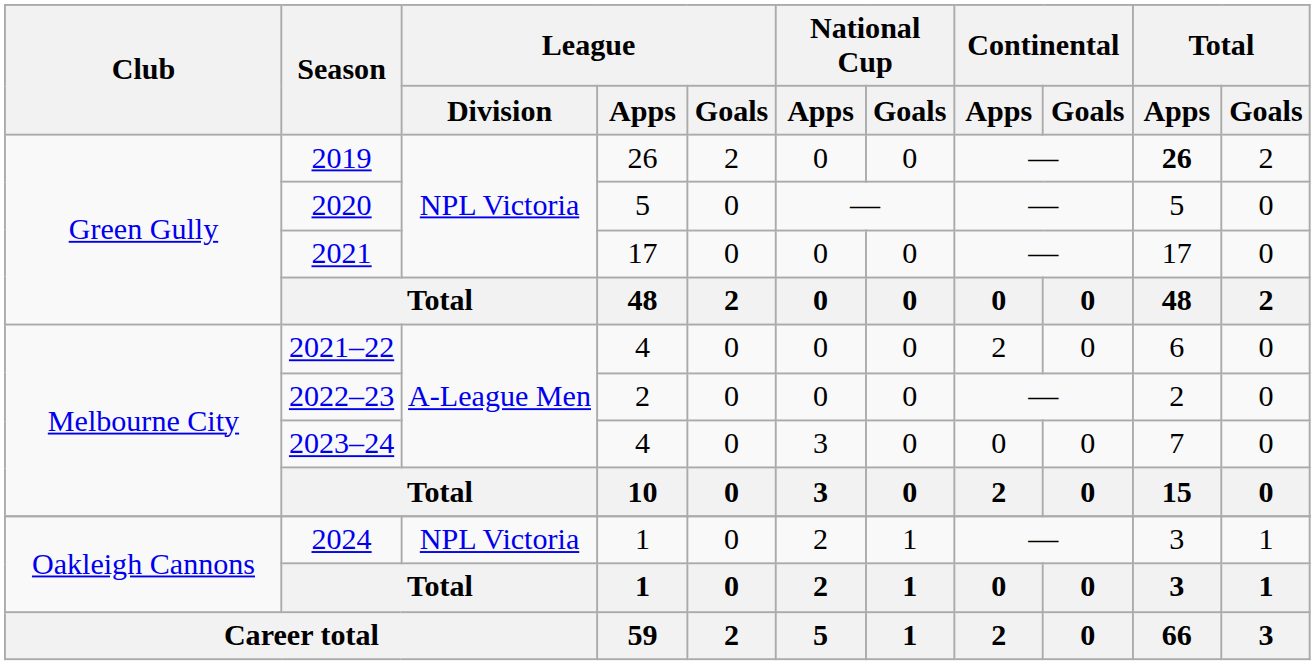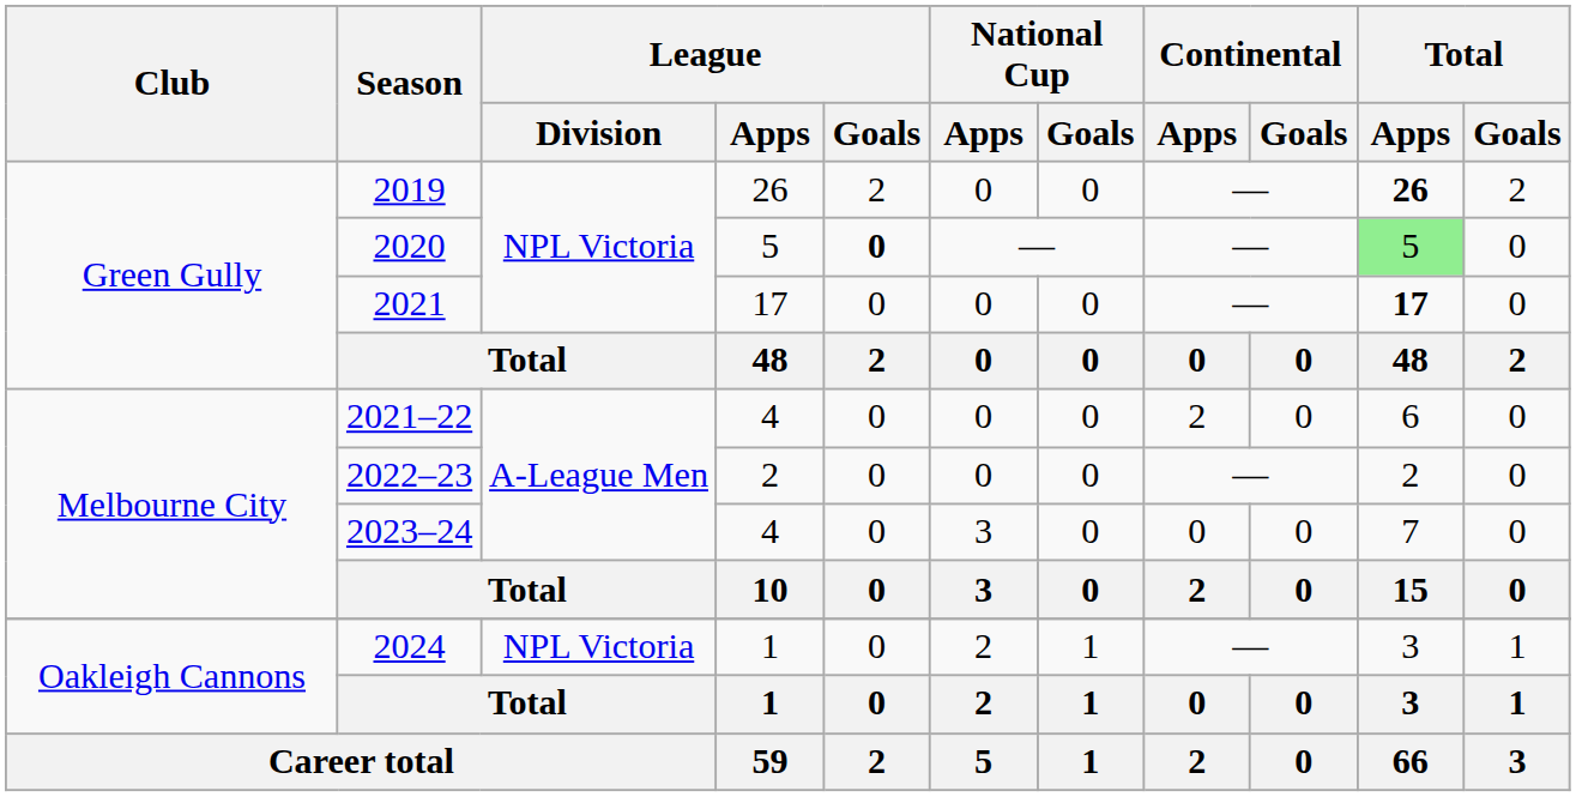 <table class="wikitable" style="text-align: center;">
 <tr>
 <th rowspan="2" width=140>Club</th>
 <th rowspan="2">Season</th>
 <th colspan="3">League</th>
 <th colspan="2">National Cup</th>
 <th colspan="2">Continental</th>
 <th colspan="2">Total</th>
 </tr>
 <tr>
 <th>Division</th>
 <th width=40>Apps</th>
 <th width=40>Goals</th>
 <th width=40>Apps</th>
 <th width=40>Goals</th>
 <th width=40>Apps</th>
 <th width=40>Goals</th>
 <th width=40>Apps</th>
 <th width=40>Goals</th>
 </tr>
 <tr>
 <td rowspan="4"><a href='#'>Green Gully</a></td>
 <td><a href='#'>2019</a></td>
 <td rowspan="3"><a href='#'>NPL Victoria</a></td>
 <td>26</td>
 <td>2</td>
 <td>0</td>
 <td>0</td>
 <td colspan=2>—</td>
 <td><strong>26</strong></td>
 <td>2</td>
 </tr>
 <tr>
 <td><a href='#'>2020</a></td>
 <td>5</td>
-<td>0</td>
+<td><strong>0</strong></td>
 <td colspan=2>—</td>
 <td colspan=2>—</td>
-<td>5</td>
+<td style="background: lightgreen;">5</td>
 <td>0</td>
 </tr>
 <tr>
 <td><a href='#'>2021</a></td>
 <td>17</td>
 <td>0</td>
 <td>0</td>
 <td>0</td>
 <td colspan=2>—</td>
-<td>17</td>
+<td><strong>17</strong></td>
 <td>0</td>
 </tr>
 <tr>
 <th colspan="2"><strong>Total</strong></th>
 <th><strong>48</strong></th>
 <th><strong>2</strong></th>
 <th><strong>0</strong></th>
 <th><strong>0</strong></th>
 <th><strong>0</strong></th>
 <th><strong>0</strong></th>
 <th><strong>48</strong></th>
 <th><strong>2</strong></th>
 </tr>
 <tr>
 <td rowspan=4><a href='#'>Melbourne City</a></td>
 <td><a href='#'>2021–22</a></td>
 <td rowspan=3><a href='#'>A-League Men</a></td>
 <td>4</td>
 <td>0</td>
 <td>0</td>
 <td>0</td>
 <td>2</td>
 <td>0</td>
 <td>6</td>
 <td>0</td>
 </tr>
 <tr>
 <td><a href='#'>2022–23</a></td>
 <td>2</td>
 <td>0</td>
 <td>0</td>
 <td>0</td>
 <td colspan=2>—</td>
 <td>2</td>
 <td>0</td>
 </tr>
 <tr>
 <td><a href='#'>2023–24</a></td>
 <td>4</td>
 <td>0</td>
 <td>3</td>
 <td>0</td>
 <td>0</td>
 <td>0</td>
 <td>7</td>
 <td>0</td>
 </tr>
 <tr>
 <th colspan=2>Total</th>
 <th>10</th>
 <th>0</th>
 <th>3</th>
 <th>0</th>
 <th>2</th>
 <th>0</th>
 <th>15</th>
 <th>0</th>
 </tr>
 <tr>
 </tr>
 <tr>
 <td rowspan=2><a href='#'>Oakleigh Cannons</a></td>
 <td><a href='#'>2024</a></td>
 <td rowspan=1><a href='#'>NPL Victoria</a></td>
 <td>1</td>
 <td>0</td>
 <td>2</td>
 <td>1</td>
 <td colspan=2>—</td>
 <td>3</td>
 <td>1</td>
 </tr>
 <tr>
 <th colspan="2"><strong>Total</strong></th>
 <th><strong>1</strong></th>
 <th><strong>0</strong></th>
 <th><strong>2</strong></th>
 <th><strong>1</strong></th>
 <th><strong>0</strong></th>
 <th><strong>0</strong></th>
 <th><strong>3</strong></th>
 <th><strong>1</strong></th>
 </tr>
 <tr>
 <th colspan="3">Career total</th>
 <th>59</th>
 <th>2</th>
 <th>5</th>
 <th>1</th>
 <th>2</th>
 <th>0</th>
 <th>66</th>
 <th>3</th>
 </tr>
 </table>
